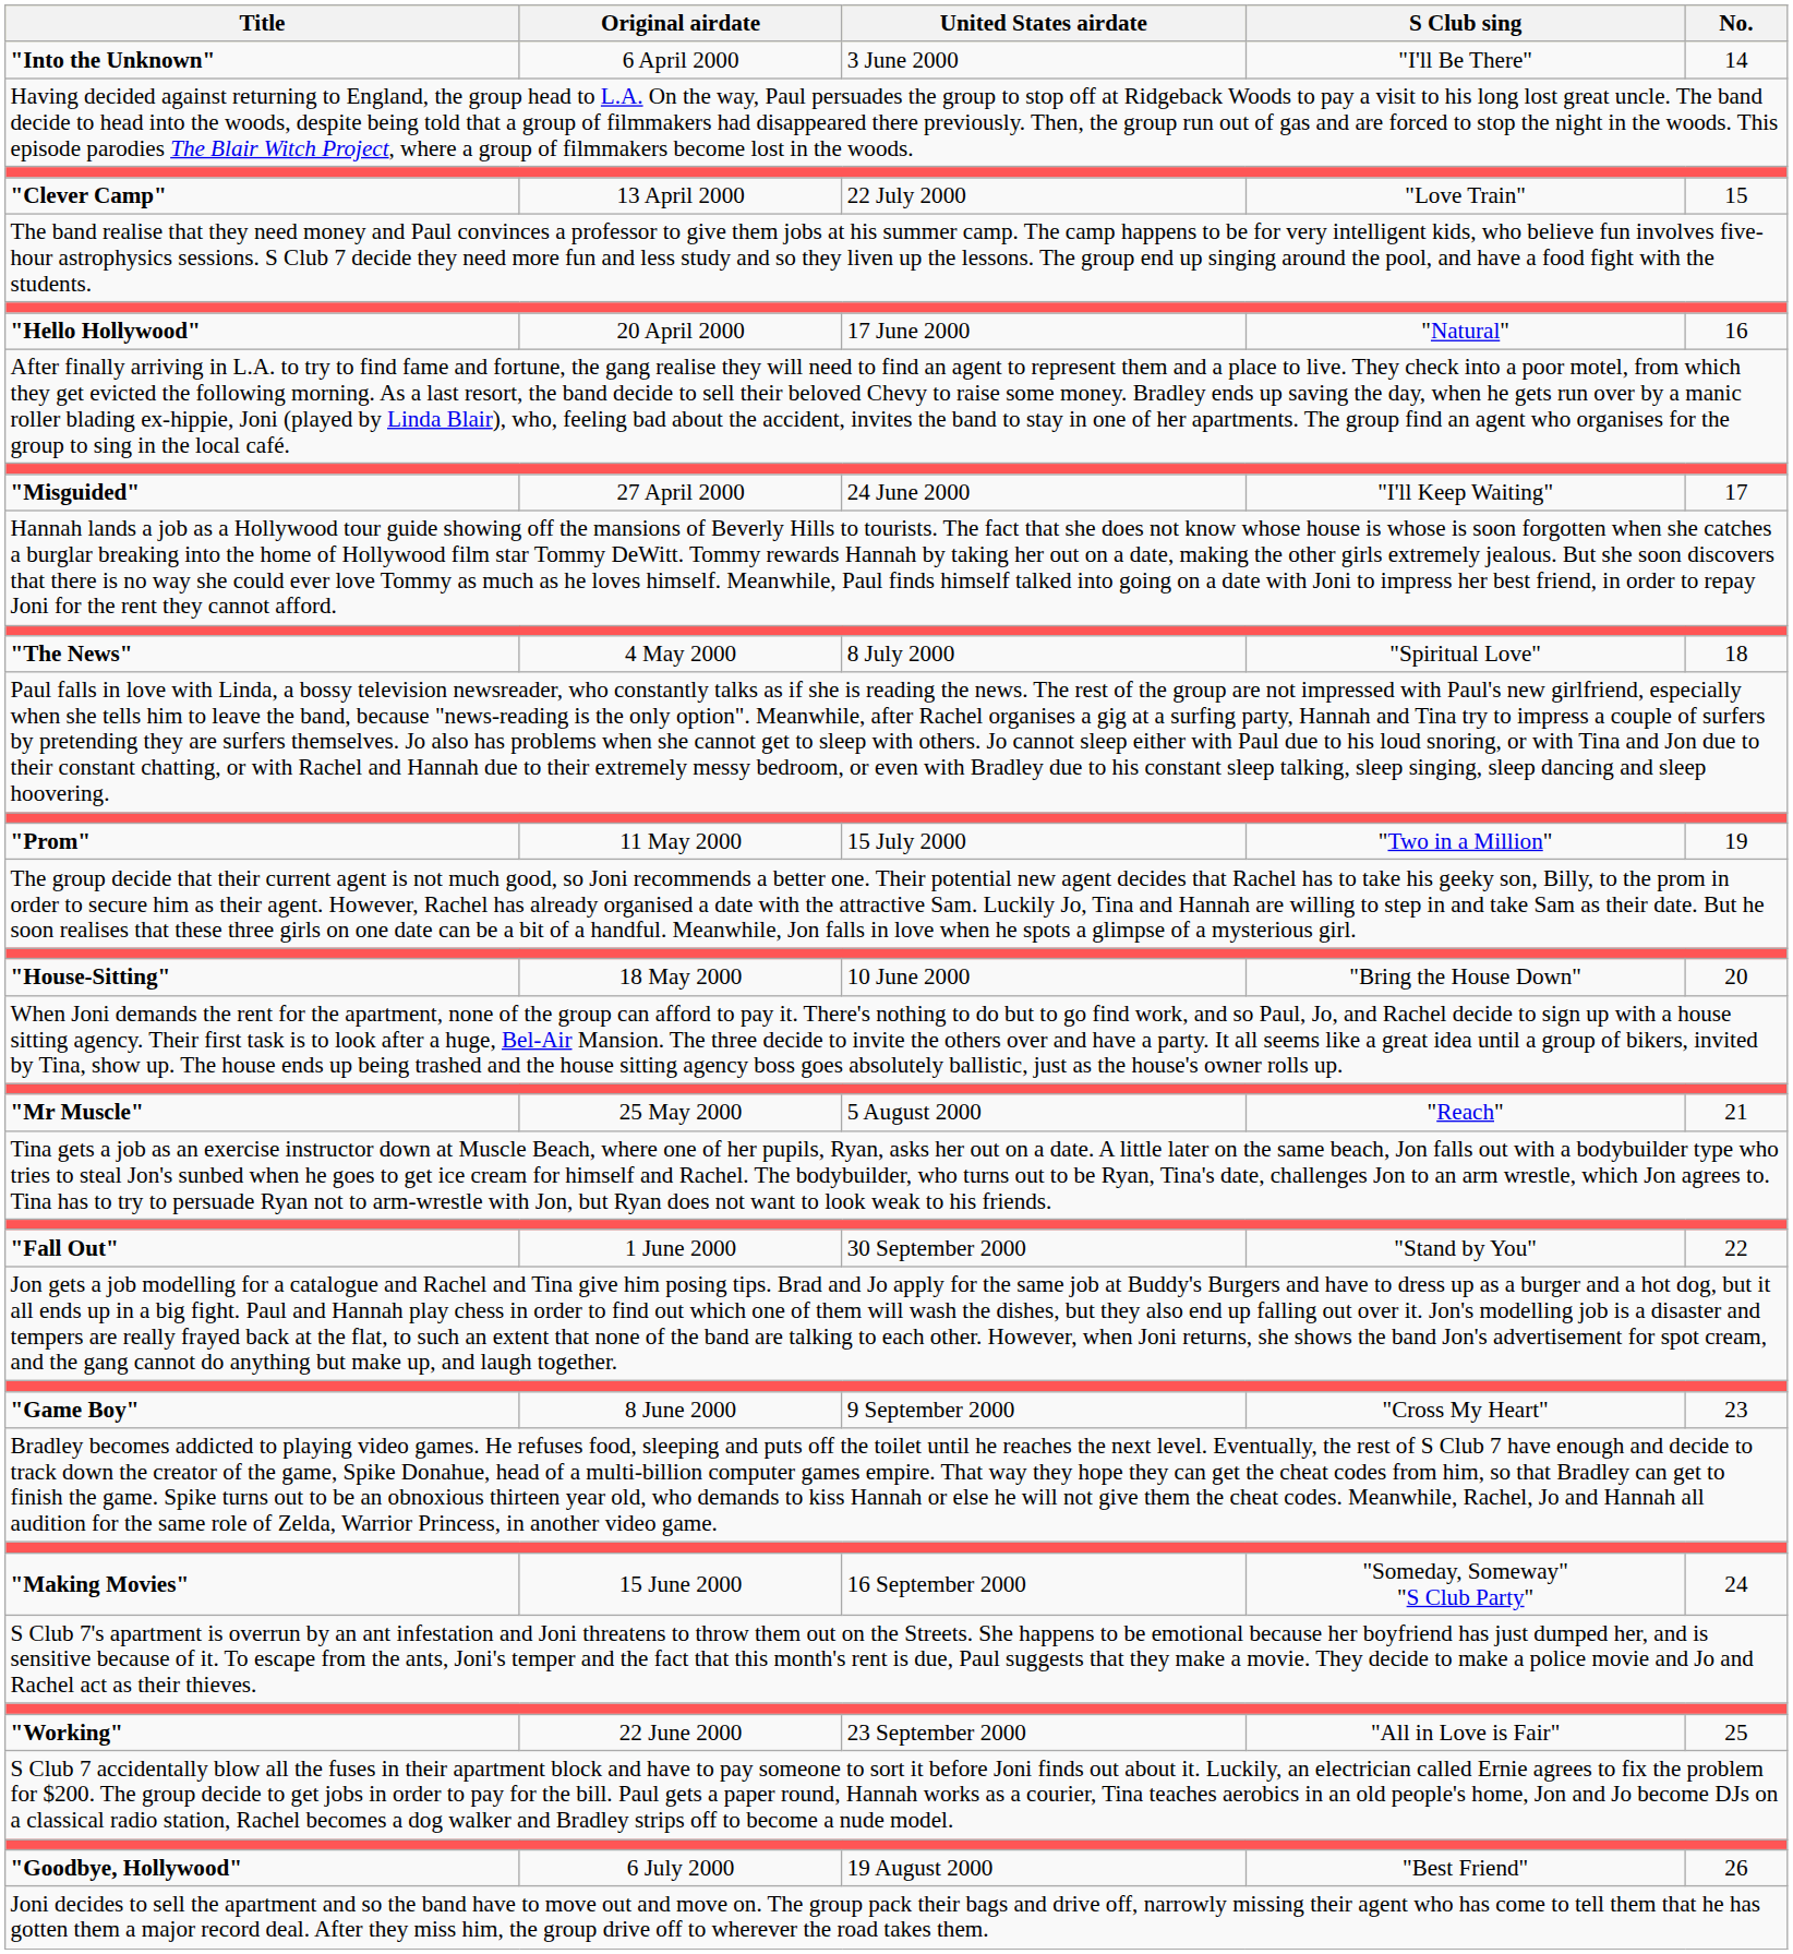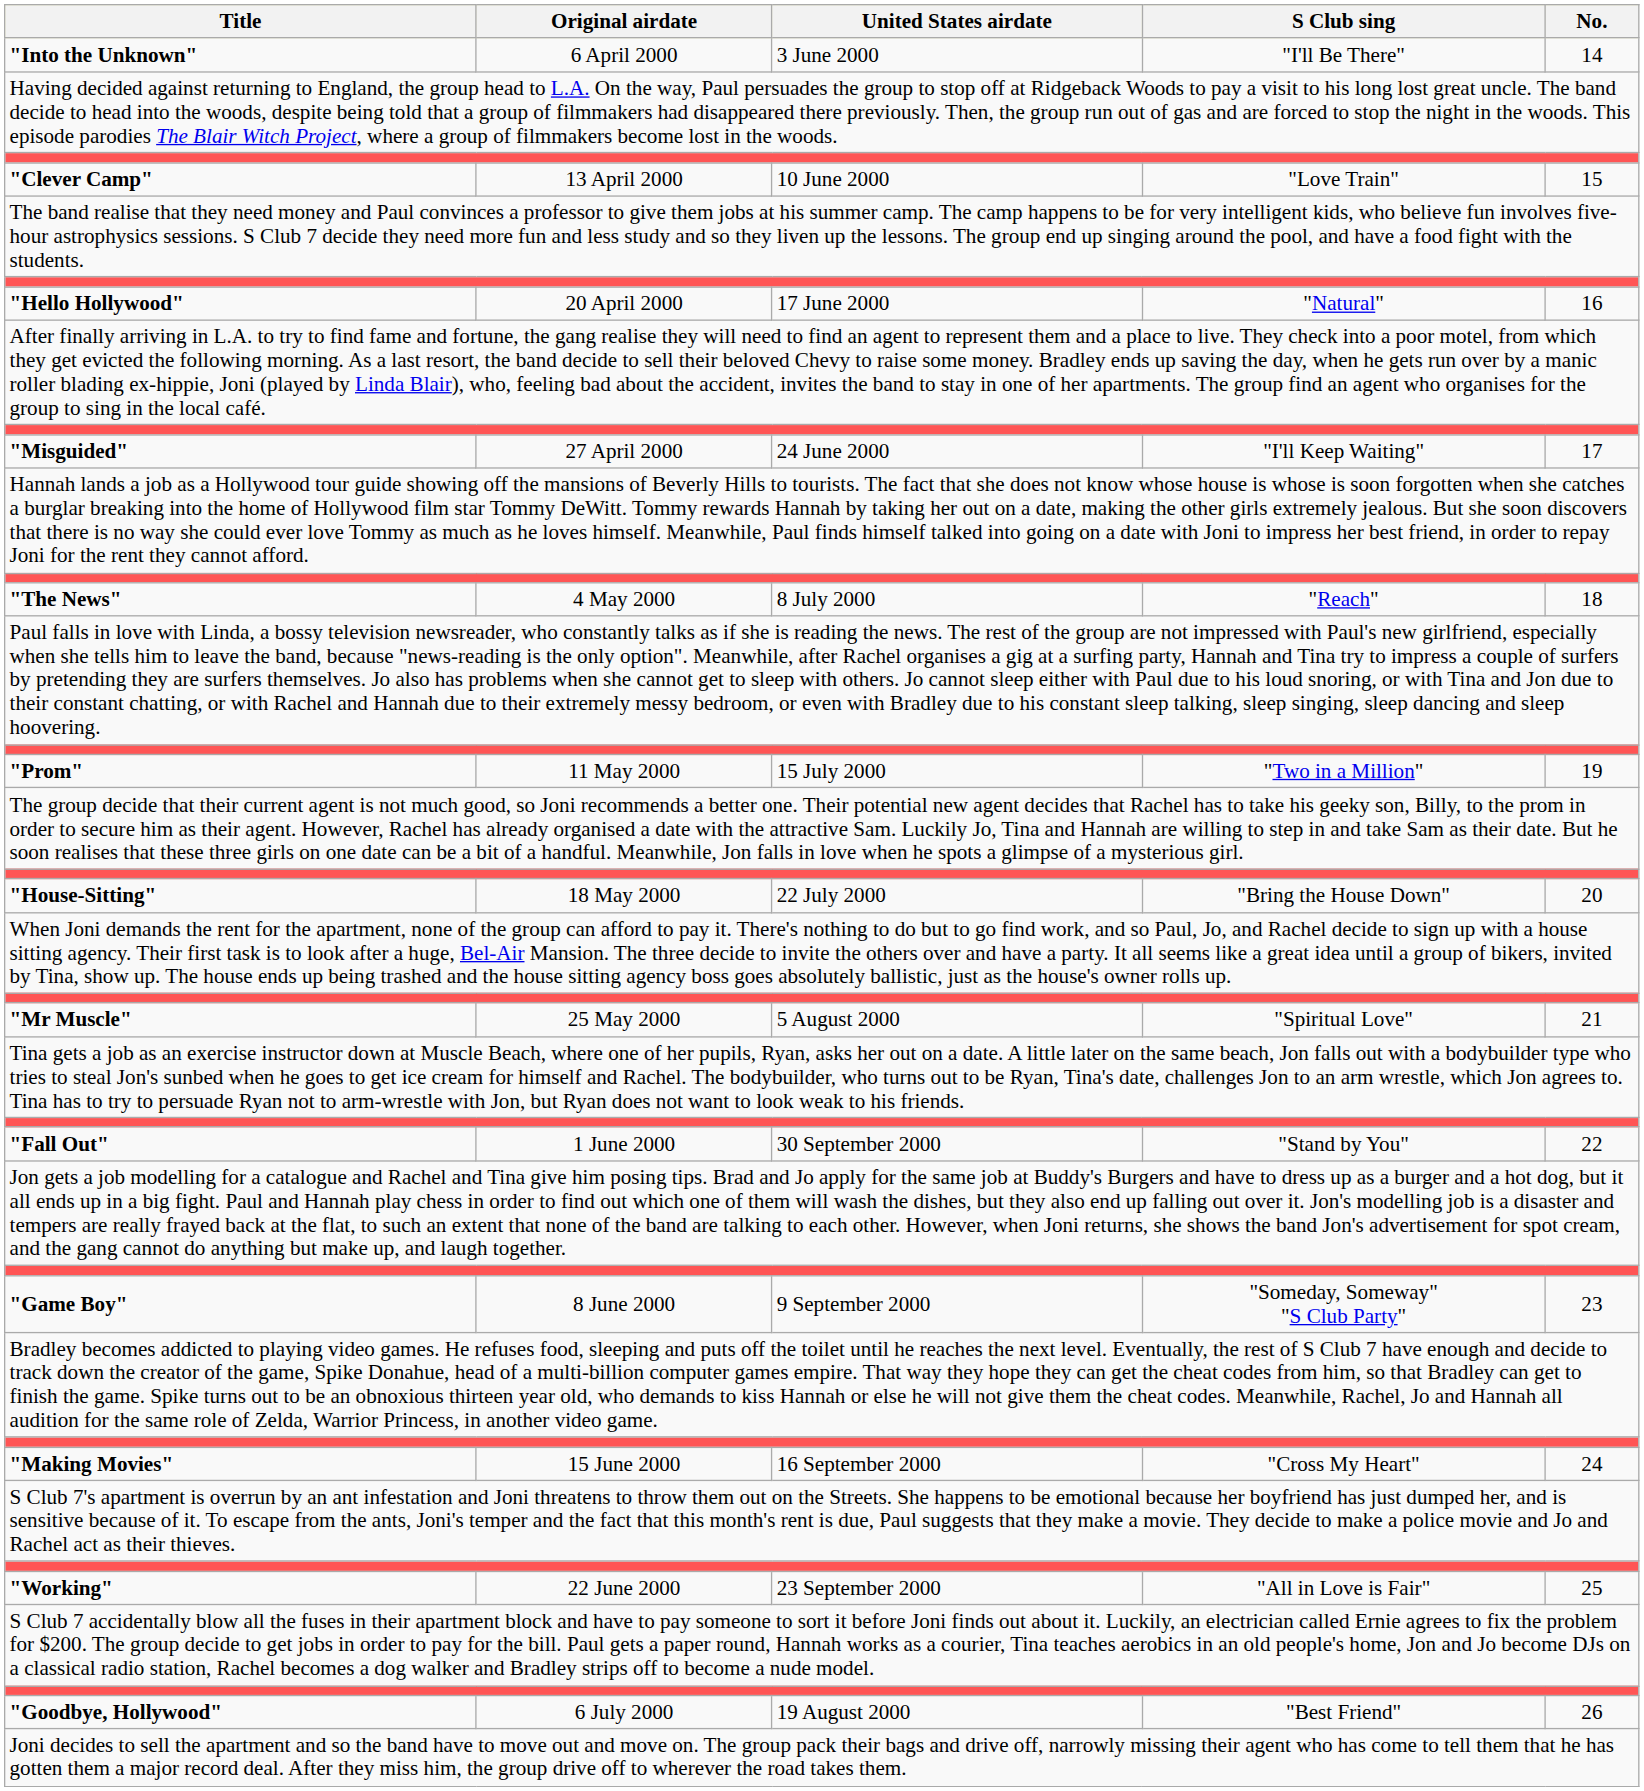 <table class="wikitable" style=width:98%;>
 <tr bgcolor="#FFFFBF">
 <th width="350">Title</th>
 <th align="center">Original airdate</th>
 <th>United States airdate</th>
 <th align="center">S Club sing</th>
 <th align="center">No.</th>
 </tr>
 <tr>
 <td><strong>"Into the Unknown"</strong></td>
 <td align="center">6 April 2000</td>
 <td>3 June 2000</td>
 <td align="center">"I'll Be There"</td>
 <td align="center">14</td>
 </tr>
 <tr>
 <td colspan="5">Having decided against returning to England, the group head to <a href='#'>L.A.</a> On the way, Paul persuades the group to stop off at Ridgeback Woods to pay a visit to his long lost great uncle. The band decide to head into the woods, despite being told that a group of filmmakers had disappeared there previously. Then, the group run out of gas and are forced to stop the night in the woods. This episode parodies <em><a href='#'>The Blair Witch Project</a></em>, where a group of filmmakers become lost in the woods.</td>
 </tr>
 <tr>
 <td colspan="5" bgcolor="FF5555"></td>
 </tr>
 <tr>
 <td><strong>"Clever Camp"</strong></td>
 <td align="center">13 April 2000</td>
-<td>22 July 2000</td>
+<td>10 June 2000</td>
 <td align="center">"Love Train"</td>
 <td align="center">15</td>
 </tr>
 <tr>
 <td colspan="5">The band realise that they need money and Paul convinces a professor to give them jobs at his summer camp. The camp happens to be for very intelligent kids, who believe fun involves five-hour astrophysics sessions. S Club 7 decide they need more fun and less study and so they liven up the lessons. The group end up singing around the pool, and have a food fight with the students.</td>
 </tr>
 <tr>
 <td colspan="5" bgcolor="FF5555"></td>
 </tr>
 <tr>
 <td><strong>"Hello Hollywood"</strong></td>
 <td align="center">20 April 2000</td>
 <td>17 June 2000</td>
 <td align="center">"<a href='#'>Natural</a>"</td>
 <td align="center">16</td>
 </tr>
 <tr>
 <td colspan="5">After finally arriving in L.A. to try to find fame and fortune, the gang realise they will need to find an agent to represent them and a place to live. They check into a poor motel, from which they get evicted the following morning. As a last resort, the band decide to sell their beloved Chevy to raise some money. Bradley ends up saving the day, when he gets run over by a manic roller blading ex-hippie, Joni (played by <a href='#'>Linda Blair</a>), who, feeling bad about the accident, invites the band to stay in one of her apartments. The group find an agent who organises for the group to sing in the local café.</td>
 </tr>
 <tr>
 <td colspan="5" bgcolor="FF5555"></td>
 </tr>
 <tr>
 <td><strong>"Misguided"</strong></td>
 <td align="center">27 April 2000</td>
 <td>24 June 2000</td>
 <td align="center">"I'll Keep Waiting"</td>
 <td align="center">17</td>
 </tr>
 <tr>
 <td colspan="5">Hannah lands a job as a Hollywood tour guide showing off the mansions of Beverly Hills to tourists. The fact that she does not know whose house is whose is soon forgotten when she catches a burglar breaking into the home of Hollywood film star Tommy DeWitt. Tommy rewards Hannah by taking her out on a date, making the other girls extremely jealous. But she soon discovers that there is no way she could ever love Tommy as much as he loves himself. Meanwhile, Paul finds himself talked into going on a date with Joni to impress her best friend, in order to repay Joni for the rent they cannot afford.</td>
 </tr>
 <tr>
 <td colspan="5" bgcolor="FF5555"></td>
 </tr>
 <tr>
 <td><strong>"The News"</strong></td>
 <td align="center">4 May 2000</td>
 <td>8 July 2000</td>
-<td align="center">"Spiritual Love"</td>
+<td align="center">"<a href='#'>Reach</a>"</td>
 <td align="center">18</td>
 </tr>
 <tr>
 <td colspan="5">Paul falls in love with Linda, a bossy television newsreader, who constantly talks as if she is reading the news. The rest of the group are not impressed with Paul's new girlfriend, especially when she tells him to leave the band, because "news-reading is the only option". Meanwhile, after Rachel organises a gig at a surfing party, Hannah and Tina try to impress a couple of surfers by pretending they are surfers themselves. Jo also has problems when she cannot get to sleep with others. Jo cannot sleep either with Paul due to his loud snoring, or with Tina and Jon due to their constant chatting, or with Rachel and Hannah due to their extremely messy bedroom, or even with Bradley due to his constant sleep talking, sleep singing, sleep dancing and sleep hoovering.</td>
 </tr>
 <tr>
 <td colspan="5" bgcolor="FF5555"></td>
 </tr>
 <tr>
 <td><strong>"Prom"</strong></td>
 <td align="center">11 May 2000</td>
 <td>15 July 2000</td>
 <td align="center">"<a href='#'>Two in a Million</a>"</td>
 <td align="center">19</td>
 </tr>
 <tr>
 <td colspan="5">The group decide that their current agent is not much good, so Joni recommends a better one. Their potential new agent decides that Rachel has to take his geeky son, Billy, to the prom in order to secure him as their agent. However, Rachel has already organised a date with the attractive Sam. Luckily Jo, Tina and Hannah are willing to step in and take Sam as their date. But he soon realises that these three girls on one date can be a bit of a handful. Meanwhile, Jon falls in love when he spots a glimpse of a mysterious girl.</td>
 </tr>
 <tr>
 <td colspan="5" bgcolor="FF5555"></td>
 </tr>
 <tr>
 <td><strong>"House-Sitting"</strong></td>
 <td align="center">18 May 2000</td>
-<td>10 June 2000</td>
+<td>22 July 2000</td>
 <td align="center">"Bring the House Down"</td>
 <td align="center">20</td>
 </tr>
 <tr>
 <td colspan="5">When Joni demands the rent for the apartment, none of the group can afford to pay it. There's nothing to do but to go find work, and so Paul, Jo, and Rachel decide to sign up with a house sitting agency. Their first task is to look after a huge, <a href='#'>Bel-Air</a> Mansion. The three decide to invite the others over and have a party. It all seems like a great idea until a group of bikers, invited by Tina, show up. The house ends up being trashed and the house sitting agency boss goes absolutely ballistic, just as the house's owner rolls up.</td>
 </tr>
 <tr>
 <td colspan="5" bgcolor="FF5555"></td>
 </tr>
 <tr>
 <td><strong>"Mr Muscle"</strong></td>
 <td align="center">25 May 2000</td>
 <td>5 August 2000</td>
-<td align="center">"<a href='#'>Reach</a>"</td>
+<td align="center">"Spiritual Love"</td>
 <td align="center">21</td>
 </tr>
 <tr>
 <td colspan="5">Tina gets a job as an exercise instructor down at Muscle Beach, where one of her pupils, Ryan, asks her out on a date. A little later on the same beach, Jon falls out with a bodybuilder type who tries to steal Jon's sunbed when he goes to get ice cream for himself and Rachel. The bodybuilder, who turns out to be Ryan, Tina's date, challenges Jon to an arm wrestle, which Jon agrees to. Tina has to try to persuade Ryan not to arm-wrestle with Jon, but Ryan does not want to look weak to his friends.</td>
 </tr>
 <tr>
 <td colspan="5" bgcolor="FF5555"></td>
 </tr>
 <tr>
 <td><strong>"Fall Out"</strong></td>
 <td align="center">1 June 2000</td>
 <td>30 September 2000</td>
 <td align="center">"Stand by You"</td>
 <td align="center">22</td>
 </tr>
 <tr>
 <td colspan="5">Jon gets a job modelling for a catalogue and Rachel and Tina give him posing tips. Brad and Jo apply for the same job at Buddy's Burgers and have to dress up as a burger and a hot dog, but it all ends up in a big fight. Paul and Hannah play chess in order to find out which one of them will wash the dishes, but they also end up falling out over it. Jon's modelling job is a disaster and tempers are really frayed back at the flat, to such an extent that none of the band are talking to each other. However, when Joni returns, she shows the band Jon's advertisement for spot cream, and the gang cannot do anything but make up, and laugh together.</td>
 </tr>
 <tr>
 <td colspan="5" bgcolor="FF5555"></td>
 </tr>
 <tr>
 <td><strong>"Game Boy"</strong></td>
 <td align="center">8 June 2000</td>
 <td>9 September 2000</td>
-<td align="center">"Cross My Heart"</td>
+<td align="center">"Someday, Someway"<br>"<a href='#'>S Club Party</a>"</td>
 <td align="center">23</td>
 </tr>
 <tr>
 <td colspan="5">Bradley becomes addicted to playing video games. He refuses food, sleeping and puts off the toilet until he reaches the next level. Eventually, the rest of S Club 7 have enough and decide to track down the creator of the game, Spike Donahue, head of a multi-billion computer games empire. That way they hope they can get the cheat codes from him, so that Bradley can get to finish the game. Spike turns out to be an obnoxious thirteen year old, who demands to kiss Hannah or else he will not give them the cheat codes. Meanwhile, Rachel, Jo and Hannah all audition for the same role of Zelda, Warrior Princess, in another video game.</td>
 </tr>
 <tr>
 <td colspan="5" bgcolor="FF5555"></td>
 </tr>
 <tr>
 <td><strong>"Making Movies"</strong></td>
 <td align="center">15 June 2000</td>
 <td>16 September 2000</td>
-<td align="center">"Someday, Someway"<br>"<a href='#'>S Club Party</a>"</td>
+<td align="center">"Cross My Heart"</td>
 <td align="center">24</td>
 </tr>
 <tr>
 <td colspan="5">S Club 7's apartment is overrun by an ant infestation and Joni threatens to throw them out on the Streets. She happens to be emotional because her boyfriend has just dumped her, and is sensitive because of it. To escape from the ants, Joni's temper and the fact that this month's rent is due, Paul suggests that they make a movie. They decide to make a police movie and Jo and Rachel act as their thieves.</td>
 </tr>
 <tr>
 <td colspan="5" bgcolor="FF5555"></td>
 </tr>
 <tr>
 <td><strong>"Working"</strong></td>
 <td align="center">22 June 2000</td>
 <td>23 September 2000</td>
 <td align="center">"All in Love is Fair"</td>
 <td align="center">25</td>
 </tr>
 <tr>
 <td colspan="5">S Club 7 accidentally blow all the fuses in their apartment block and have to pay someone to sort it before Joni finds out about it. Luckily, an electrician called Ernie agrees to fix the problem for $200. The group decide to get jobs in order to pay for the bill. Paul gets a paper round, Hannah works as a courier, Tina teaches aerobics in an old people's home, Jon and Jo become DJs on a classical radio station, Rachel becomes a dog walker and Bradley strips off to become a nude model.</td>
 </tr>
 <tr>
 <td colspan="5" bgcolor="FF5555"></td>
 </tr>
 <tr>
 <td><strong>"Goodbye, Hollywood"</strong></td>
 <td align="center">6 July 2000</td>
 <td>19 August 2000</td>
 <td align="center">"Best Friend"</td>
 <td align="center">26</td>
 </tr>
 <tr>
 <td colspan="5">Joni decides to sell the apartment and so the band have to move out and move on. The group pack their bags and drive off, narrowly missing their agent who has come to tell them that he has gotten them a major record deal. After they miss him, the group drive off to wherever the road takes them.</td>
 </tr>
 </table>
